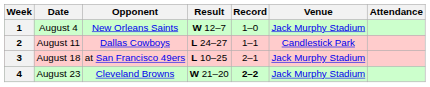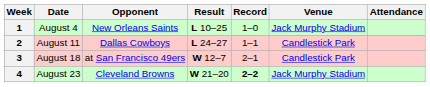 <table class="wikitable" style="text-align:center">
 <tr>
 <th>Week</th>
 <th>Date</th>
 <th>Opponent</th>
 <th>Result</th>
 <th>Record</th>
 <th>Venue</th>
 <th>Attendance</th>
 </tr>
 <tr style="background:#cfc">
 <th>1</th>
 <td>August 4</td>
 <td><a href='#'>New Orleans Saints</a></td>
-<td><strong>W</strong> 12–7</td>
+<td><strong>L</strong> 10–25</td>
 <td>1–0</td>
 <td><a href='#'>Jack Murphy Stadium</a></td>
 <td></td>
 </tr>
 <tr style="background:#fcc">
 <th>2</th>
 <td>August 11</td>
 <td><a href='#'>Dallas Cowboys</a></td>
 <td><strong>L</strong> 24–27</td>
 <td>1–1</td>
 <td><a href='#'>Candlestick Park</a></td>
 <td></td>
 </tr>
 <tr style="background:#fcc">
 <th>3</th>
 <td>August 18</td>
 <td>at <a href='#'>San Francisco 49ers</a></td>
-<td><strong>L</strong> 10–25</td>
+<td><strong>W</strong> 12–7</td>
 <td>2–1</td>
-<td><a href='#'>Jack Murphy Stadium</a></td>
+<td><a href='#'>Candlestick Park</a></td>
 <td></td>
 </tr>
 <tr style="background:#cfc">
 <th>4</th>
 <td>August 23</td>
 <td><a href='#'>Cleveland Browns</a></td>
 <td><strong>W</strong> 21–20</td>
 <td><strong>2–2</strong></td>
 <td><a href='#'>Jack Murphy Stadium</a></td>
 <td></td>
 </tr>
 </table>
